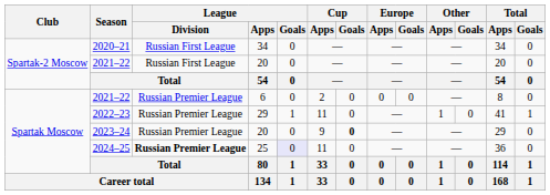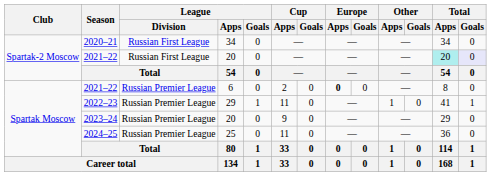 <table class="wikitable" style="text-align: center;">
 <tr>
 <th rowspan="2">Club</th>
 <th rowspan="2">Season</th>
 <th colspan="3">League</th>
 <th colspan="2">Cup</th>
 <th colspan="2">Europe</th>
 <th colspan="2">Other</th>
 <th colspan="2">Total</th>
 </tr>
 <tr>
 <th>Division</th>
 <th>Apps</th>
 <th>Goals</th>
 <th>Apps</th>
 <th>Goals</th>
 <th>Apps</th>
 <th>Goals</th>
 <th>Apps</th>
 <th>Goals</th>
 <th>Apps</th>
 <th>Goals</th>
 </tr>
 <tr>
 <td rowspan="3"><a href='#'>Spartak-2 Moscow</a></td>
 <td><a href='#'>2020–21</a></td>
 <td><a href='#'>Russian First League</a></td>
 <td>34</td>
 <td>0</td>
 <td colspan="2">—</td>
 <td colspan="2">—</td>
 <td colspan="2">—</td>
 <td>34</td>
 <td>0</td>
 </tr>
 <tr>
 <td><a href='#'>2021–22</a></td>
 <td>Russian First League</td>
 <td>20</td>
 <td>0</td>
 <td colspan="2">—</td>
 <td colspan="2">—</td>
 <td colspan="2">—</td>
-<td>20</td>
-<td>0</td>
+<td style="background: paleturquoise;">20</td>
+<td style="background: lavender;">0</td>
 </tr>
 <tr>
 <th colspan=2>Total</th>
 <th>54</th>
 <th>0</th>
 <th colspan="2">—</th>
 <th colspan="2">—</th>
 <th colspan="2">—</th>
 <th>54</th>
 <th>0</th>
 </tr>
 <tr>
 <td rowspan="5"><a href='#'>Spartak Moscow</a></td>
 <td><a href='#'>2021–22</a></td>
 <td><a href='#'>Russian Premier League</a></td>
 <td>6</td>
 <td>0</td>
 <td>2</td>
 <td>0</td>
-<td>0</td>
+<td><strong>0</strong></td>
 <td>0</td>
 <td colspan="2">—</td>
 <td>8</td>
 <td>0</td>
 </tr>
 <tr>
 <td><a href='#'>2022–23</a></td>
 <td>Russian Premier League</td>
 <td>29</td>
 <td>1</td>
 <td>11</td>
 <td>0</td>
 <td colspan="2">—</td>
 <td>1</td>
 <td>0</td>
 <td>41</td>
 <td>1</td>
 </tr>
 <tr>
 <td><a href='#'>2023–24</a></td>
 <td>Russian Premier League</td>
 <td>20</td>
 <td>0</td>
 <td>9</td>
-<td><strong>0</strong></td>
+<td>0</td>
 <td colspan="2">—</td>
 <td colspan="2">—</td>
 <td>29</td>
 <td>0</td>
 </tr>
 <tr>
 <td><a href='#'>2024–25</a></td>
-<td><strong>Russian Premier League</strong></td>
+<td>Russian Premier League</td>
 <td>25</td>
-<td style="background: lavender;">0</td>
+<td>0</td>
 <td>11</td>
 <td>0</td>
 <td colspan="2">—</td>
 <td colspan="2">—</td>
 <td>36</td>
 <td>0</td>
 </tr>
 <tr>
 <th colspan="2">Total</th>
 <th>80</th>
 <th>1</th>
 <th>33</th>
 <th>0</th>
 <th>0</th>
 <th>0</th>
 <th>1</th>
 <th>0</th>
 <th>114</th>
 <th>1</th>
 </tr>
 <tr>
 <th colspan="3">Career total</th>
 <th>134</th>
 <th>1</th>
 <th>33</th>
 <th>0</th>
 <th>0</th>
 <th>0</th>
 <th>1</th>
 <th>0</th>
 <th>168</th>
 <th>1</th>
 </tr>
 </table>
